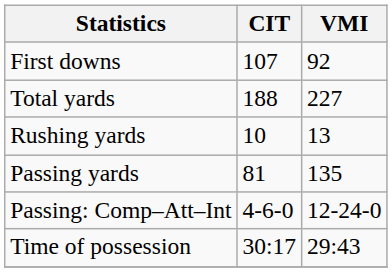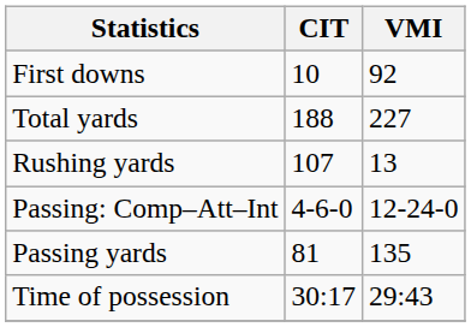 <table class="wikitable" style="float: left;">
 <tr>
 <th>Statistics</th>
 <th>CIT</th>
 <th>VMI</th>
 </tr>
 <tr>
 <td>First downs</td>
-<td>107</td>
+<td>10</td>
 <td>92</td>
 </tr>
 <tr>
 <td>Total yards</td>
 <td>188</td>
 <td>227</td>
 </tr>
 <tr>
 <td>Rushing yards</td>
-<td>10</td>
+<td>107</td>
 <td>13</td>
+</tr>
+<tr>
+<td>Passing: Comp–Att–Int</td>
+<td>4-6-0</td>
+<td>12-24-0</td>
 </tr>
 <tr>
 <td>Passing yards</td>
 <td>81</td>
 <td>135</td>
-</tr>
-<tr>
-<td>Passing: Comp–Att–Int</td>
-<td>4-6-0</td>
-<td>12-24-0</td>
 </tr>
 <tr>
 <td>Time of possession</td>
 <td>30:17</td>
 <td>29:43</td>
 </tr>
 <tr>
 </tr>
 </table>
